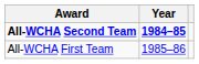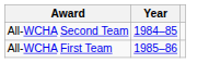 <table class="wikitable">
 <tr>
 <th>Award</th>
 <th>Year</th>
 <th></th>
 </tr>
 <tr>
-<td><strong>All-<a href='#'>WCHA</a> <a href='#'>Second Team</a></strong></td>
-<td><strong><a href='#'>1984–85</a></strong></td>
+<td>All-<a href='#'>WCHA</a> <a href='#'>Second Team</a></td>
+<td><a href='#'>1984–85</a></td>
 <td></td>
 </tr>
 <tr>
 <td>All-<a href='#'>WCHA</a> <a href='#'>First Team</a></td>
 <td><a href='#'>1985–86</a></td>
 <td></td>
 </tr>
 </table>
